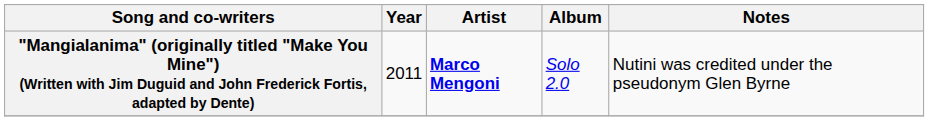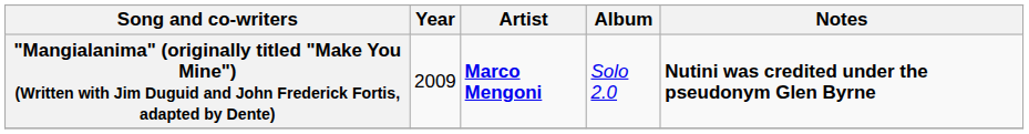 <table class="wikitable plainrowheaders">
 <tr>
 </tr>
 <tr>
 <th>Song and co-writers</th>
 <th>Year</th>
 <th>Artist</th>
 <th>Album</th>
 <th>Notes</th>
 </tr>
 <tr>
 <th scope="row">"Mangialanima" (originally titled "Make You Mine")<br><small>(Written with Jim Duguid and John Frederick Fortis, adapted by Dente)</small></th>
-<td style="text-align:center;">2011</td>
+<td style="text-align:center;">2009</td>
 <td><strong><a href='#'>Marco Mengoni</a></strong></td>
 <td><em><a href='#'>Solo 2.0</a></em></td>
-<td>Nutini was credited under the pseudonym Glen Byrne</td>
+<td><strong>Nutini was credited under the pseudonym Glen Byrne</strong></td>
 </tr>
 <tr>
 </tr>
 </table>
